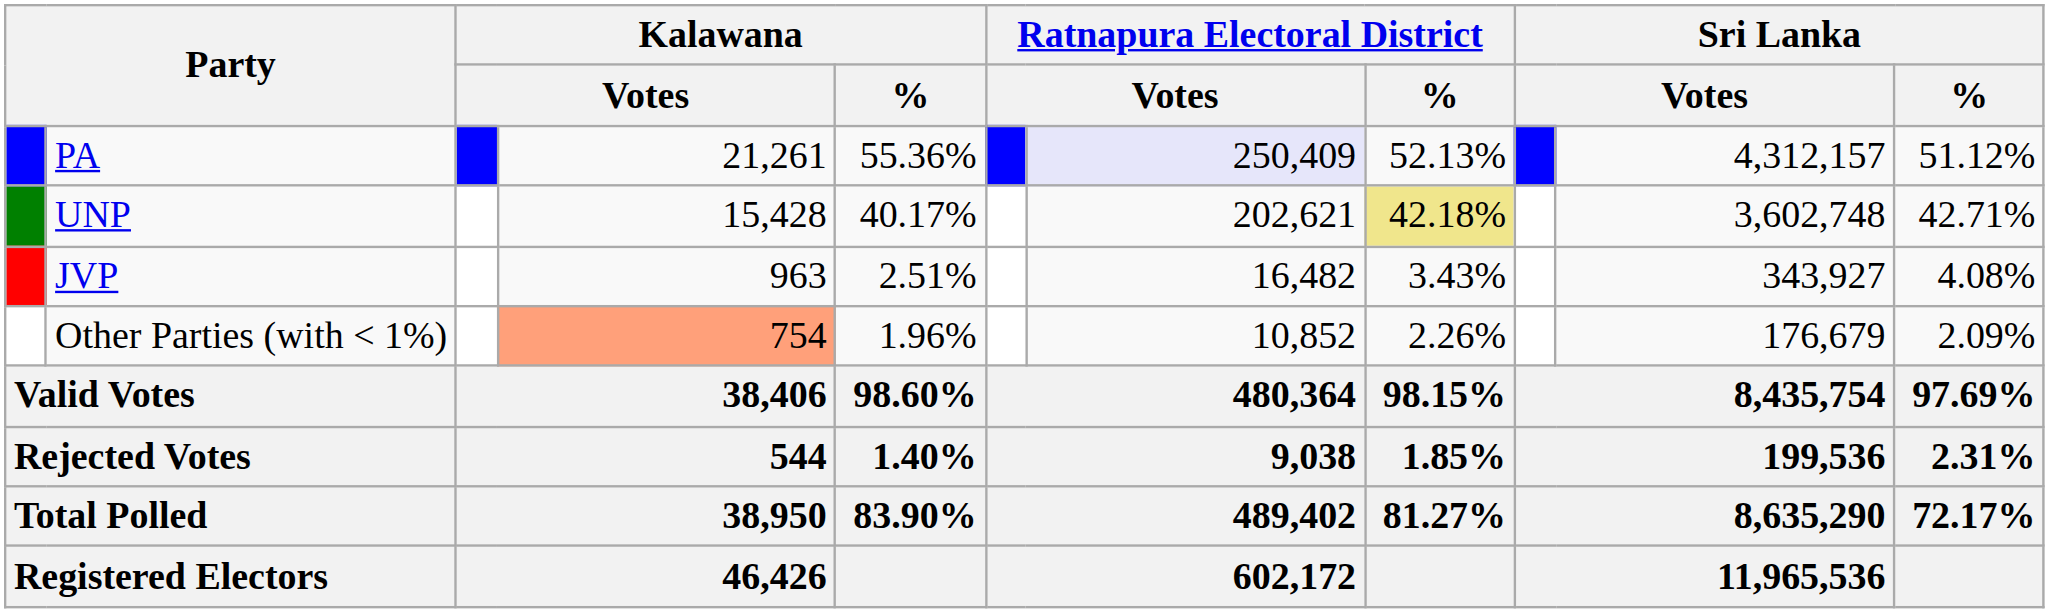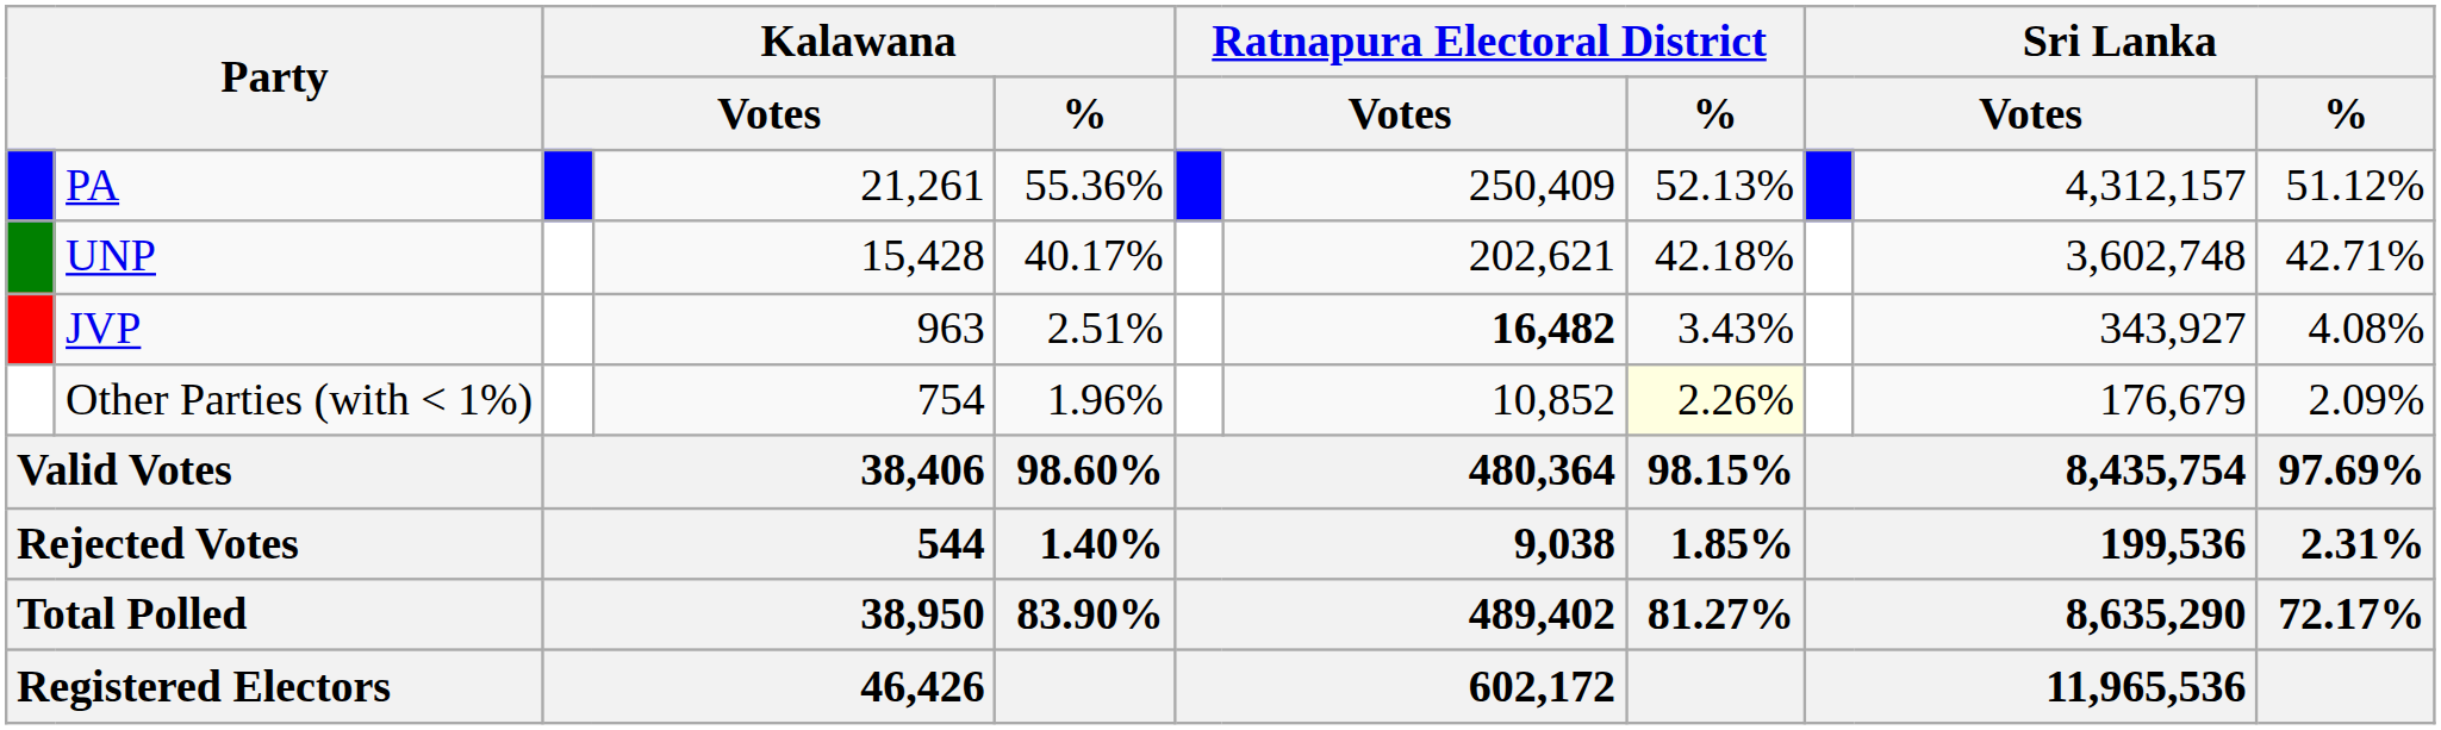 <table class="wikitable">
 <tr>
 <th colspan="2" width="144px"rowspan="2">Party</th>
 <th colspan="3" width="216px">Kalawana</th>
 <th colspan="3" width="216px"><a href='#'>Ratnapura Electoral District</a></th>
 <th colspan="3" width="216px">Sri Lanka</th>
 </tr>
 <tr>
 <th colspan="2" width="144px">Votes</th>
 <th>%</th>
 <th colspan="2" width="144px">Votes</th>
 <th>%</th>
 <th colspan="2" width="144px">Votes</th>
 <th>%</th>
 </tr>
 <tr>
 <td style="background-color:blue;" width="10px"></td>
 <td style="text-align:left;"><a href='#'>PA</a></td>
 <td style="background-color:blue;" width="10px"></td>
 <td style="text-align:right;">21,261</td>
 <td style="text-align:right;">55.36%</td>
 <td style="background-color:blue;" width="10px"></td>
-<td style="background: lavender; text-align:right;">250,409</td>
+<td style="text-align:right;">250,409</td>
 <td style="text-align:right;">52.13%</td>
 <td style="background-color:blue;" width="10px"></td>
 <td style="text-align:right;">4,312,157</td>
 <td style="text-align:right;">51.12%</td>
 </tr>
 <tr>
 <td style="background-color:green;" width="10px"></td>
 <td style="text-align:left;"><a href='#'>UNP</a></td>
 <td style="background-color:white;" width="10px"></td>
 <td style="text-align:right;">15,428</td>
 <td style="text-align:right;">40.17%</td>
 <td style="background-color:white;" width="10px"></td>
 <td style="text-align:right;">202,621</td>
-<td style="background: khaki; text-align:right;">42.18%</td>
+<td style="text-align:right;">42.18%</td>
 <td style="background-color:white;" width="10px"></td>
 <td style="text-align:right;">3,602,748</td>
 <td style="text-align:right;">42.71%</td>
 </tr>
 <tr>
 <td style="background-color:red;" width="10px"></td>
 <td style="text-align:left;"><a href='#'>JVP</a></td>
 <td style="background-color:white;" width="10px"></td>
 <td style="text-align:right;">963</td>
 <td style="text-align:right;">2.51%</td>
 <td style="background-color:white;" width="10px"></td>
-<td style="text-align:right;">16,482</td>
+<td style="text-align:right;"><strong>16,482</strong></td>
 <td style="text-align:right;">3.43%</td>
 <td style="background-color:white;" width="10px"></td>
 <td style="text-align:right;">343,927</td>
 <td style="text-align:right;">4.08%</td>
 </tr>
 <tr>
 <td style="background-color:white;" width="10px"></td>
 <td style="text-align:left;">Other Parties (with < 1%)</td>
 <td style="background-color:white;" width="10px"></td>
-<td style="background: lightsalmon; text-align:right;">754</td>
+<td style="text-align:right;">754</td>
 <td style="text-align:right;">1.96%</td>
 <td style="background-color:white;" width="10px"></td>
 <td style="text-align:right;">10,852</td>
-<td style="text-align:right;">2.26%</td>
+<td style="background: lightyellow; text-align:right;">2.26%</td>
 <td style="background-color:white;" width="10px"></td>
 <td style="text-align:right;">176,679</td>
 <td style="text-align:right;">2.09%</td>
 </tr>
 <tr>
 <th colspan="2" width="144px"style="text-align:left;">Valid Votes</th>
 <th style="text-align:right;"colspan="2" width="144px">38,406</th>
 <th style="text-align:right;">98.60%</th>
 <th style="text-align:right;"colspan="2" width="144px">480,364</th>
 <th style="text-align:right;">98.15%</th>
 <th style="text-align:right;"colspan="2" width="144px">8,435,754</th>
 <th style="text-align:right;">97.69%</th>
 </tr>
 <tr>
 <th colspan="2" width="144px"style="text-align:left;">Rejected Votes</th>
 <th style="text-align:right;"colspan="2" width="144px">544</th>
 <th style="text-align:right;">1.40%</th>
 <th style="text-align:right;"colspan="2" width="144px">9,038</th>
 <th style="text-align:right;">1.85%</th>
 <th style="text-align:right;"colspan="2" width="144px">199,536</th>
 <th style="text-align:right;">2.31%</th>
 </tr>
 <tr>
 <th colspan="2" width="144px"style="text-align:left;">Total Polled</th>
 <th style="text-align:right;"colspan="2" width="144px">38,950</th>
 <th style="text-align:right;">83.90%</th>
 <th style="text-align:right;"colspan="2" width="144px">489,402</th>
 <th style="text-align:right;">81.27%</th>
 <th style="text-align:right;"colspan="2" width="144px">8,635,290</th>
 <th style="text-align:right;">72.17%</th>
 </tr>
 <tr>
 <th colspan="2" width="144px"style="text-align:left;">Registered Electors</th>
 <th style="text-align:right;"colspan="2" width="144px">46,426</th>
 <th></th>
 <th style="text-align:right;"colspan="2" width="144px">602,172</th>
 <th></th>
 <th style="text-align:right;"colspan="2" width="144px">11,965,536</th>
 <th></th>
 </tr>
 </table>
